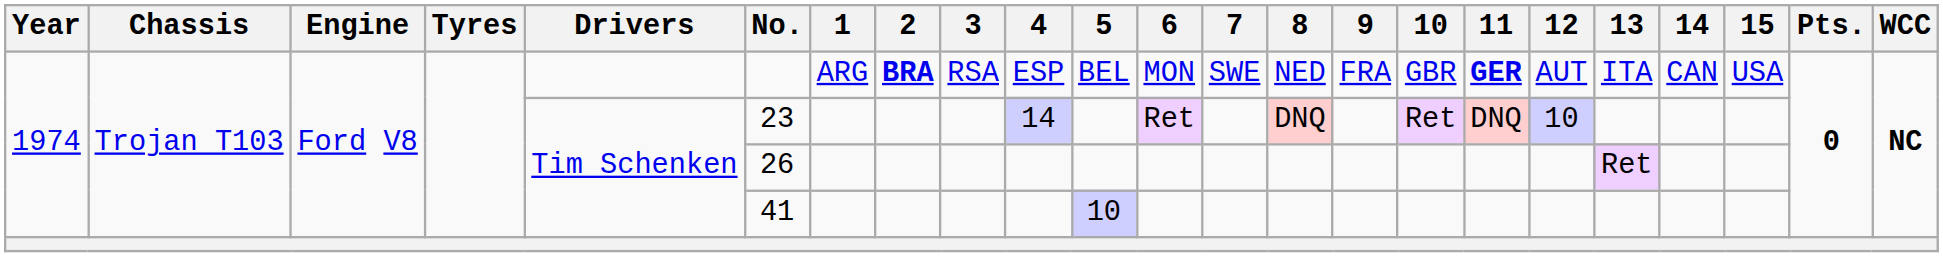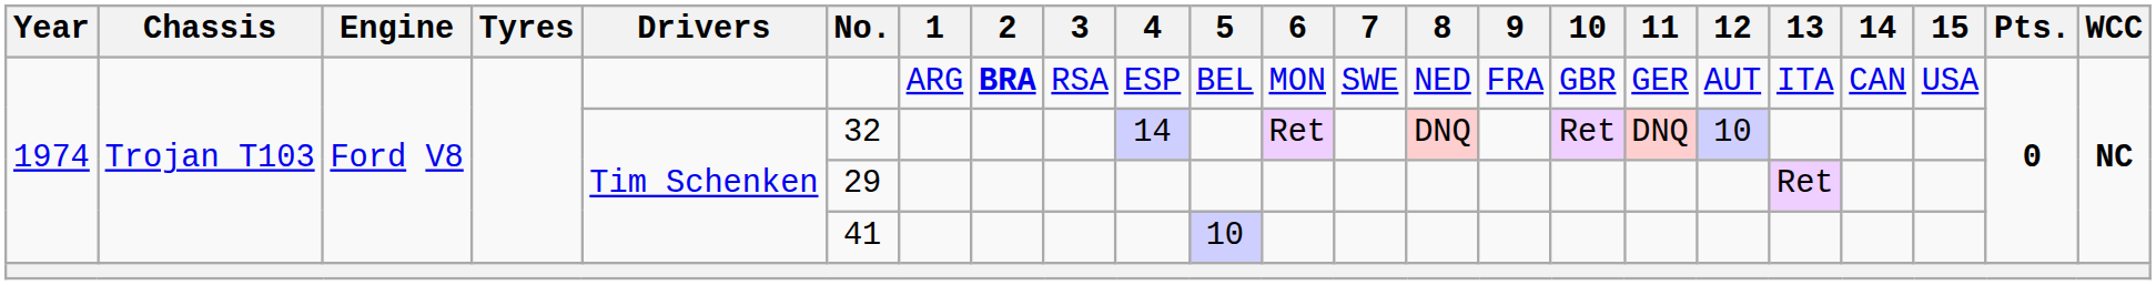 <table class="wikitable" style="text-align:center; font-size:95%">
 <tr>
 <th>Year</th>
 <th>Chassis</th>
 <th>Engine</th>
 <th>Tyres</th>
 <th>Drivers</th>
 <th>No.</th>
 <th>1</th>
 <th>2</th>
 <th>3</th>
 <th>4</th>
 <th>5</th>
 <th>6</th>
 <th>7</th>
 <th>8</th>
 <th>9</th>
 <th>10</th>
 <th>11</th>
 <th>12</th>
 <th>13</th>
 <th>14</th>
 <th>15</th>
 <th>Pts.</th>
 <th>WCC</th>
 </tr>
 <tr>
 <td rowspan="4"><a href='#'>1974</a></td>
 <td rowspan="4"><a href='#'>Trojan T103</a></td>
 <td rowspan="4"><a href='#'>Ford</a> <a href='#'>V8</a></td>
 <td rowspan="4"></td>
 <td></td>
 <td></td>
 <td><a href='#'>ARG</a></td>
 <td><strong><a href='#'>BRA</a></strong></td>
 <td><a href='#'>RSA</a></td>
 <td><a href='#'>ESP</a></td>
 <td><a href='#'>BEL</a></td>
 <td><a href='#'>MON</a></td>
 <td><a href='#'>SWE</a></td>
 <td><a href='#'>NED</a></td>
 <td><a href='#'>FRA</a></td>
 <td><a href='#'>GBR</a></td>
-<td><strong><a href='#'>GER</a></strong></td>
+<td><a href='#'>GER</a></td>
 <td><a href='#'>AUT</a></td>
 <td><a href='#'>ITA</a></td>
 <td><a href='#'>CAN</a></td>
 <td><a href='#'>USA</a></td>
 <td rowspan="4"><strong>0</strong></td>
 <td rowspan="4"><strong>NC</strong></td>
 </tr>
 <tr>
 <td rowspan="3"> <a href='#'>Tim Schenken</a></td>
-<td>23</td>
+<td>32</td>
 <td></td>
 <td></td>
 <td></td>
 <td style="background:#CFCFFF;">14</td>
 <td></td>
 <td style="background:#EFCFFF;">Ret</td>
 <td></td>
 <td style="background:#FFCFCF;">DNQ</td>
 <td></td>
 <td style="background:#EFCFFF;">Ret</td>
 <td style="background:#FFCFCF;">DNQ</td>
 <td style="background:#CFCFFF;">10</td>
 <td></td>
 <td></td>
 <td></td>
 </tr>
 <tr>
-<td>26</td>
+<td>29</td>
 <td></td>
 <td></td>
 <td></td>
 <td></td>
 <td></td>
 <td></td>
 <td></td>
 <td></td>
 <td></td>
 <td></td>
 <td></td>
 <td></td>
 <td style="background:#EFCFFF;">Ret</td>
 <td></td>
 <td></td>
 </tr>
 <tr>
 <td>41</td>
 <td></td>
 <td></td>
 <td></td>
 <td></td>
 <td style="background:#CFCFFF;">10</td>
 <td></td>
 <td></td>
 <td></td>
 <td></td>
 <td></td>
 <td></td>
 <td></td>
 <td></td>
 <td></td>
 <td></td>
 </tr>
 <tr>
 <th colspan="23"></th>
 </tr>
 </table>
